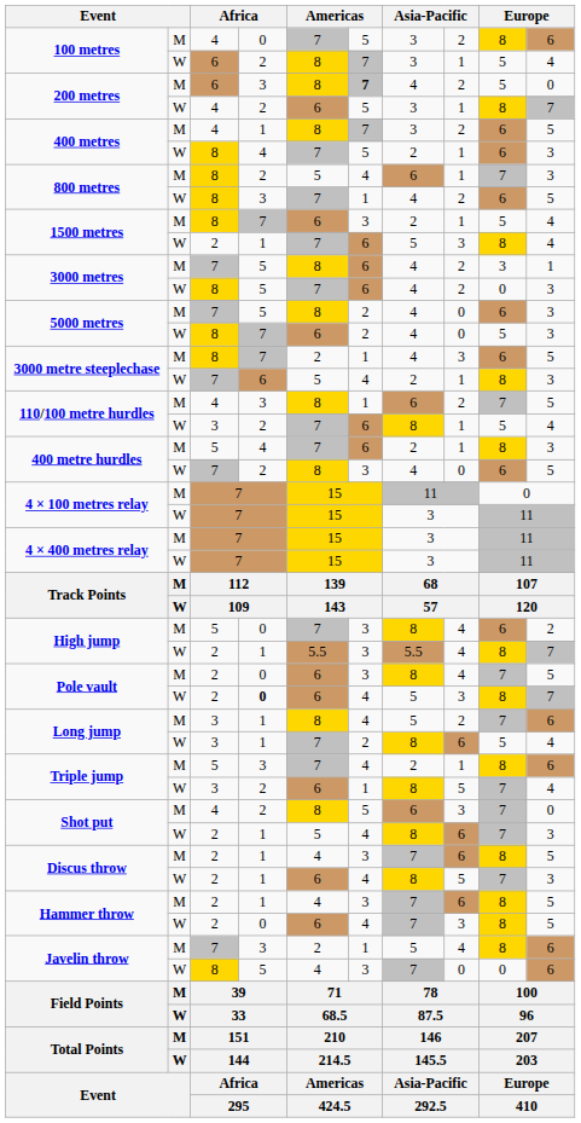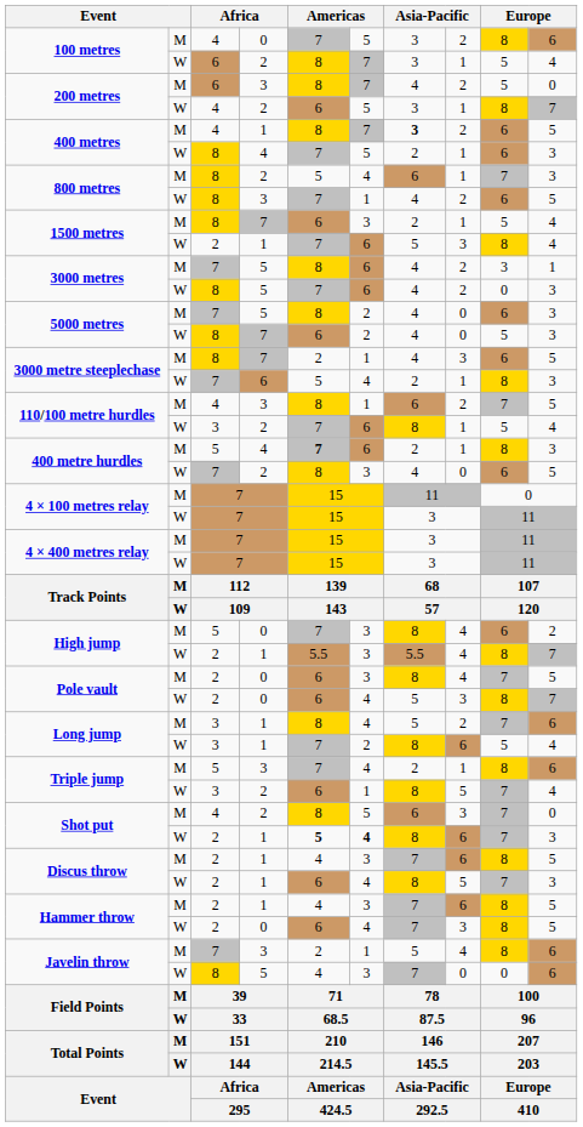 <table class="wikitable" style="background-color: #f9f9f9; font-size: 100%; text-align: center">
 <tr>
 <th width=200 colspan=2>Event</th>
 <th width=100 colspan=2>Africa</th>
 <th width=100 colspan=2>Americas</th>
 <th width=100 colspan=2>Asia-Pacific</th>
 <th width=100 colspan=2>Europe</th>
 </tr>
 <tr>
 <td rowspan=2><strong><a href='#'>100 metres</a></strong></td>
 <td>M</td>
 <td>4</td>
 <td>0</td>
 <td bgcolor=silver>7</td>
 <td>5</td>
 <td>3</td>
 <td>2</td>
 <td bgcolor=gold>8</td>
 <td bgcolor="cc9966">6</td>
 </tr>
 <tr>
 <td>W</td>
 <td bgcolor="cc9966">6</td>
 <td>2</td>
 <td bgcolor=gold>8</td>
 <td bgcolor=silver>7</td>
 <td>3</td>
 <td>1</td>
 <td>5</td>
 <td>4</td>
 </tr>
 <tr>
 <td rowspan=2><strong><a href='#'>200 metres</a></strong></td>
 <td>M</td>
 <td bgcolor="cc9966">6</td>
 <td>3</td>
 <td bgcolor=gold>8</td>
-<td bgcolor=silver><strong>7</strong></td>
+<td bgcolor=silver>7</td>
 <td>4</td>
 <td>2</td>
 <td>5</td>
 <td>0</td>
 </tr>
 <tr>
 <td>W</td>
 <td>4</td>
 <td>2</td>
 <td bgcolor="cc9966">6</td>
 <td>5</td>
 <td>3</td>
 <td>1</td>
 <td bgcolor=gold>8</td>
 <td bgcolor=silver>7</td>
 </tr>
 <tr>
 <td rowspan=2><strong><a href='#'>400 metres</a></strong></td>
 <td>M</td>
 <td>4</td>
 <td>1</td>
 <td bgcolor=gold>8</td>
 <td bgcolor=silver>7</td>
-<td>3</td>
+<td><strong>3</strong></td>
 <td>2</td>
 <td bgcolor="cc9966">6</td>
 <td>5</td>
 </tr>
 <tr>
 <td>W</td>
 <td bgcolor=gold>8</td>
 <td>4</td>
 <td bgcolor=silver>7</td>
 <td>5</td>
 <td>2</td>
 <td>1</td>
 <td bgcolor="cc9966">6</td>
 <td>3</td>
 </tr>
 <tr>
 <td rowspan=2><strong><a href='#'>800 metres</a></strong></td>
 <td>M</td>
 <td bgcolor=gold>8</td>
 <td>2</td>
 <td>5</td>
 <td>4</td>
 <td bgcolor="cc9966">6</td>
 <td>1</td>
 <td bgcolor=silver>7</td>
 <td>3</td>
 </tr>
 <tr>
 <td>W</td>
 <td bgcolor=gold>8</td>
 <td>3</td>
 <td bgcolor=silver>7</td>
 <td>1</td>
 <td>4</td>
 <td>2</td>
 <td bgcolor="cc9966">6</td>
 <td>5</td>
 </tr>
 <tr>
 <td rowspan=2><strong><a href='#'>1500 metres</a></strong></td>
 <td>M</td>
 <td bgcolor=gold>8</td>
 <td bgcolor=silver>7</td>
 <td bgcolor="cc9966">6</td>
 <td>3</td>
 <td>2</td>
 <td>1</td>
 <td>5</td>
 <td>4</td>
 </tr>
 <tr>
 <td>W</td>
 <td>2</td>
 <td>1</td>
 <td bgcolor=silver>7</td>
 <td bgcolor="cc9966">6</td>
 <td>5</td>
 <td>3</td>
 <td bgcolor=gold>8</td>
 <td>4</td>
 </tr>
 <tr>
 <td rowspan=2><strong><a href='#'>3000 metres</a></strong></td>
 <td>M</td>
 <td bgcolor=silver>7</td>
 <td>5</td>
 <td bgcolor=gold>8</td>
 <td bgcolor="cc9966">6</td>
 <td>4</td>
 <td>2</td>
 <td>3</td>
 <td>1</td>
 </tr>
 <tr>
 <td>W</td>
 <td bgcolor=gold>8</td>
 <td>5</td>
 <td bgcolor=silver>7</td>
 <td bgcolor="cc9966">6</td>
 <td>4</td>
 <td>2</td>
 <td>0</td>
 <td>3</td>
 </tr>
 <tr>
 <td rowspan=2><strong><a href='#'>5000 metres</a></strong></td>
 <td>M</td>
 <td bgcolor=silver>7</td>
 <td>5</td>
 <td bgcolor=gold>8</td>
 <td>2</td>
 <td>4</td>
 <td>0</td>
 <td bgcolor="cc9966">6</td>
 <td>3</td>
 </tr>
 <tr>
 <td>W</td>
 <td bgcolor=gold>8</td>
 <td bgcolor=silver>7</td>
 <td bgcolor="cc9966">6</td>
 <td>2</td>
 <td>4</td>
 <td>0</td>
 <td>5</td>
 <td>3</td>
 </tr>
 <tr>
 <td rowspan=2><strong><a href='#'>3000 metre steeplechase</a></strong></td>
 <td>M</td>
 <td bgcolor=gold>8</td>
 <td bgcolor=silver>7</td>
 <td>2</td>
 <td>1</td>
 <td>4</td>
 <td>3</td>
 <td bgcolor="cc9966">6</td>
 <td>5</td>
 </tr>
 <tr>
 <td>W</td>
 <td bgcolor=silver>7</td>
 <td bgcolor="cc9966">6</td>
 <td>5</td>
 <td>4</td>
 <td>2</td>
 <td>1</td>
 <td bgcolor=gold>8</td>
 <td>3</td>
 </tr>
 <tr>
 <td rowspan=2><strong><a href='#'>110</a>/<a href='#'>100 metre hurdles</a></strong></td>
 <td>M</td>
 <td>4</td>
 <td>3</td>
 <td bgcolor=gold>8</td>
 <td>1</td>
 <td bgcolor="cc9966">6</td>
 <td>2</td>
 <td bgcolor=silver>7</td>
 <td>5</td>
 </tr>
 <tr>
 <td>W</td>
 <td>3</td>
 <td>2</td>
 <td bgcolor=silver>7</td>
 <td bgcolor="cc9966">6</td>
 <td bgcolor=gold>8</td>
 <td>1</td>
 <td>5</td>
 <td>4</td>
 </tr>
 <tr>
 <td rowspan=2><strong><a href='#'>400 metre hurdles</a></strong></td>
 <td>M</td>
 <td>5</td>
 <td>4</td>
-<td bgcolor=silver>7</td>
+<td bgcolor=silver><strong>7</strong></td>
 <td bgcolor="cc9966">6</td>
 <td>2</td>
 <td>1</td>
 <td bgcolor=gold>8</td>
 <td>3</td>
 </tr>
 <tr>
 <td>W</td>
 <td bgcolor=silver>7</td>
 <td>2</td>
 <td bgcolor=gold>8</td>
 <td>3</td>
 <td>4</td>
 <td>0</td>
 <td bgcolor="cc9966">6</td>
 <td>5</td>
 </tr>
 <tr>
 <td rowspan=2><strong><a href='#'>4 × 100 metres relay</a></strong></td>
 <td>M</td>
 <td colspan=2 bgcolor="cc9966">7</td>
 <td colspan=2 bgcolor=gold>15</td>
 <td colspan=2 bgcolor=silver>11</td>
 <td colspan=2>0</td>
 </tr>
 <tr>
 <td>W</td>
 <td colspan=2 bgcolor="cc9966">7</td>
 <td colspan=2 bgcolor=gold>15</td>
 <td colspan=2>3</td>
 <td colspan=2 bgcolor=silver>11</td>
 </tr>
 <tr>
 <td rowspan=2><strong><a href='#'>4 × 400 metres relay</a></strong></td>
 <td>M</td>
 <td colspan=2 bgcolor="cc9966">7</td>
 <td colspan=2 bgcolor=gold>15</td>
 <td colspan=2>3</td>
 <td colspan=2 bgcolor=silver>11</td>
 </tr>
 <tr>
 <td>W</td>
 <td colspan=2 bgcolor="cc9966">7</td>
 <td colspan=2 bgcolor=gold>15</td>
 <td colspan=2>3</td>
 <td colspan=2 bgcolor=silver>11</td>
 </tr>
 <tr>
 <th rowspan=2><strong>Track Points</strong></th>
 <th>M</th>
 <th colspan=2>112</th>
 <th colspan=2>139</th>
 <th colspan=2>68</th>
 <th colspan=2>107</th>
 </tr>
 <tr>
 <th>W</th>
 <th colspan=2>109</th>
 <th colspan=2>143</th>
 <th colspan=2>57</th>
 <th colspan=2>120</th>
 </tr>
 <tr>
 <td rowspan=2><strong><a href='#'>High jump</a></strong></td>
 <td>M</td>
 <td>5</td>
 <td>0</td>
 <td bgcolor=silver>7</td>
 <td>3</td>
 <td bgcolor=gold>8</td>
 <td>4</td>
 <td bgcolor="cc9966">6</td>
 <td>2</td>
 </tr>
 <tr>
 <td>W</td>
 <td>2</td>
 <td>1</td>
 <td bgcolor="cc9966">5.5</td>
 <td>3</td>
 <td bgcolor="cc9966">5.5</td>
 <td>4</td>
 <td bgcolor=gold>8</td>
 <td bgcolor=silver>7</td>
 </tr>
 <tr>
 <td rowspan=2><strong><a href='#'>Pole vault</a></strong></td>
 <td>M</td>
 <td>2</td>
 <td>0</td>
 <td bgcolor="cc9966">6</td>
 <td>3</td>
 <td bgcolor=gold>8</td>
 <td>4</td>
 <td bgcolor=silver>7</td>
 <td>5</td>
 </tr>
 <tr>
 <td>W</td>
 <td>2</td>
-<td><strong>0</strong></td>
+<td>0</td>
 <td bgcolor="cc9966">6</td>
 <td>4</td>
 <td>5</td>
 <td>3</td>
 <td bgcolor=gold>8</td>
 <td bgcolor=silver>7</td>
 </tr>
 <tr>
 <td rowspan=2><strong><a href='#'>Long jump</a></strong></td>
 <td>M</td>
 <td>3</td>
 <td>1</td>
 <td bgcolor=gold>8</td>
 <td>4</td>
 <td>5</td>
 <td>2</td>
 <td bgcolor=silver>7</td>
 <td bgcolor="cc9966">6</td>
 </tr>
 <tr>
 <td>W</td>
 <td>3</td>
 <td>1</td>
 <td bgcolor=silver>7</td>
 <td>2</td>
 <td bgcolor=gold>8</td>
 <td bgcolor="cc9966">6</td>
 <td>5</td>
 <td>4</td>
 </tr>
 <tr>
 <td rowspan=2><strong><a href='#'>Triple jump</a></strong></td>
 <td>M</td>
 <td>5</td>
 <td>3</td>
 <td bgcolor=silver>7</td>
 <td>4</td>
 <td>2</td>
 <td>1</td>
 <td bgcolor=gold>8</td>
 <td bgcolor="cc9966">6</td>
 </tr>
 <tr>
 <td>W</td>
 <td>3</td>
 <td>2</td>
 <td bgcolor="cc9966">6</td>
 <td>1</td>
 <td bgcolor=gold>8</td>
 <td>5</td>
 <td bgcolor=silver>7</td>
 <td>4</td>
 </tr>
 <tr>
 <td rowspan=2><strong><a href='#'>Shot put</a></strong></td>
 <td>M</td>
 <td>4</td>
 <td>2</td>
 <td bgcolor=gold>8</td>
 <td>5</td>
 <td bgcolor="cc9966">6</td>
 <td>3</td>
 <td bgcolor=silver>7</td>
 <td>0</td>
 </tr>
 <tr>
 <td>W</td>
 <td>2</td>
 <td>1</td>
-<td>5</td>
-<td>4</td>
+<td><strong>5</strong></td>
+<td><strong>4</strong></td>
 <td bgcolor=gold>8</td>
 <td bgcolor="cc9966">6</td>
 <td bgcolor=silver>7</td>
 <td>3</td>
 </tr>
 <tr>
 <td rowspan=2><strong><a href='#'>Discus throw</a></strong></td>
 <td>M</td>
 <td>2</td>
 <td>1</td>
 <td>4</td>
 <td>3</td>
 <td bgcolor=silver>7</td>
 <td bgcolor="cc9966">6</td>
 <td bgcolor=gold>8</td>
 <td>5</td>
 </tr>
 <tr>
 <td>W</td>
 <td>2</td>
 <td>1</td>
 <td bgcolor="cc9966">6</td>
 <td>4</td>
 <td bgcolor=gold>8</td>
 <td>5</td>
 <td bgcolor=silver>7</td>
 <td>3</td>
 </tr>
 <tr>
 <td rowspan=2><strong><a href='#'>Hammer throw</a></strong></td>
 <td>M</td>
 <td>2</td>
 <td>1</td>
 <td>4</td>
 <td>3</td>
 <td bgcolor=silver>7</td>
 <td bgcolor="cc9966">6</td>
 <td bgcolor=gold>8</td>
 <td>5</td>
 </tr>
 <tr>
 <td>W</td>
 <td>2</td>
 <td>0</td>
 <td bgcolor="cc9966">6</td>
 <td>4</td>
 <td bgcolor=silver>7</td>
 <td>3</td>
 <td bgcolor=gold>8</td>
 <td>5</td>
 </tr>
 <tr>
 <td rowspan=2><strong><a href='#'>Javelin throw</a></strong></td>
 <td>M</td>
 <td bgcolor=silver>7</td>
 <td>3</td>
 <td>2</td>
 <td>1</td>
 <td>5</td>
 <td>4</td>
 <td bgcolor=gold>8</td>
 <td bgcolor="cc9966">6</td>
 </tr>
 <tr>
 <td>W</td>
 <td bgcolor=gold>8</td>
 <td>5</td>
 <td>4</td>
 <td>3</td>
 <td bgcolor=silver>7</td>
 <td>0</td>
 <td>0</td>
 <td bgcolor="cc9966">6</td>
 </tr>
 <tr>
 <th rowspan=2><strong>Field Points</strong></th>
 <th>M</th>
 <th colspan=2>39</th>
 <th colspan=2>71</th>
 <th colspan=2>78</th>
 <th colspan=2>100</th>
 </tr>
 <tr>
 <th>W</th>
 <th colspan=2>33</th>
 <th colspan=2>68.5</th>
 <th colspan=2>87.5</th>
 <th colspan=2>96</th>
 </tr>
 <tr>
 <th rowspan=2><strong>Total Points</strong></th>
 <th>M</th>
 <th colspan=2>151</th>
 <th colspan=2>210</th>
 <th colspan=2>146</th>
 <th colspan=2>207</th>
 </tr>
 <tr>
 <th>W</th>
 <th colspan=2>144</th>
 <th colspan=2>214.5</th>
 <th colspan=2>145.5</th>
 <th colspan=2>203</th>
 </tr>
 <tr>
 <th width=200 rowspan=2 colspan=2>Event</th>
 <th width=100 colspan=2>Africa</th>
 <th width=100 colspan=2>Americas</th>
 <th width=100 colspan=2>Asia-Pacific</th>
 <th width=100 colspan=2>Europe</th>
 </tr>
 <tr>
 <th colspan=2>295</th>
 <th colspan=2>424.5</th>
 <th colspan=2>292.5</th>
 <th colspan=2>410</th>
 </tr>
 </table>
